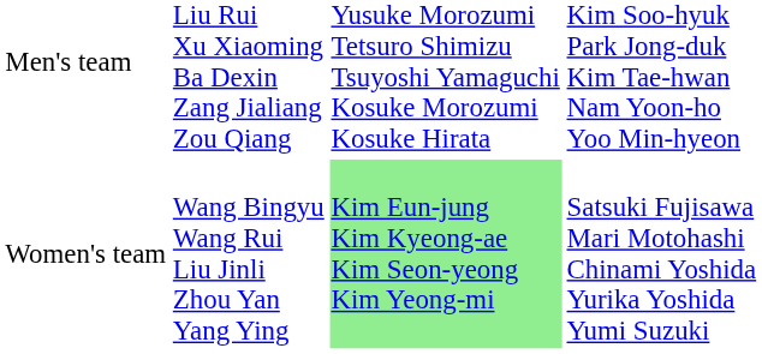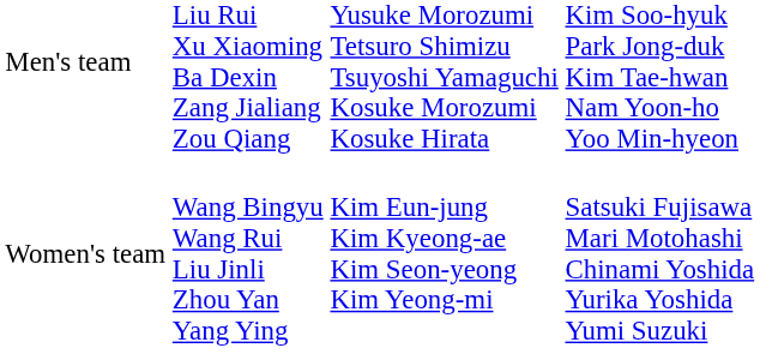 <table>
 <tr>
 <td>Men's team<br></td>
 <td><br><a href='#'>Liu Rui</a><br><a href='#'>Xu Xiaoming</a><br><a href='#'>Ba Dexin</a><br><a href='#'>Zang Jialiang</a><br><a href='#'>Zou Qiang</a></td>
 <td><br><a href='#'>Yusuke Morozumi</a><br><a href='#'>Tetsuro Shimizu</a><br><a href='#'>Tsuyoshi Yamaguchi</a><br><a href='#'>Kosuke Morozumi</a><br><a href='#'>Kosuke Hirata</a></td>
 <td><br><a href='#'>Kim Soo-hyuk</a><br><a href='#'>Park Jong-duk</a><br><a href='#'>Kim Tae-hwan</a><br><a href='#'>Nam Yoon-ho</a><br><a href='#'>Yoo Min-hyeon</a></td>
 </tr>
 <tr>
 <td>Women's team<br></td>
 <td><br><a href='#'>Wang Bingyu</a><br><a href='#'>Wang Rui</a><br><a href='#'>Liu Jinli</a><br><a href='#'>Zhou Yan</a><br><a href='#'>Yang Ying</a></td>
-<td valign=top style="background: lightgreen;"><br><a href='#'>Kim Eun-jung</a><br><a href='#'>Kim Kyeong-ae</a><br><a href='#'>Kim Seon-yeong</a><br><a href='#'>Kim Yeong-mi</a></td>
+<td valign=top><br><a href='#'>Kim Eun-jung</a><br><a href='#'>Kim Kyeong-ae</a><br><a href='#'>Kim Seon-yeong</a><br><a href='#'>Kim Yeong-mi</a></td>
 <td><br><a href='#'>Satsuki Fujisawa</a><br><a href='#'>Mari Motohashi</a><br><a href='#'>Chinami Yoshida</a><br><a href='#'>Yurika Yoshida</a><br><a href='#'>Yumi Suzuki</a></td>
 </tr>
 </table>
